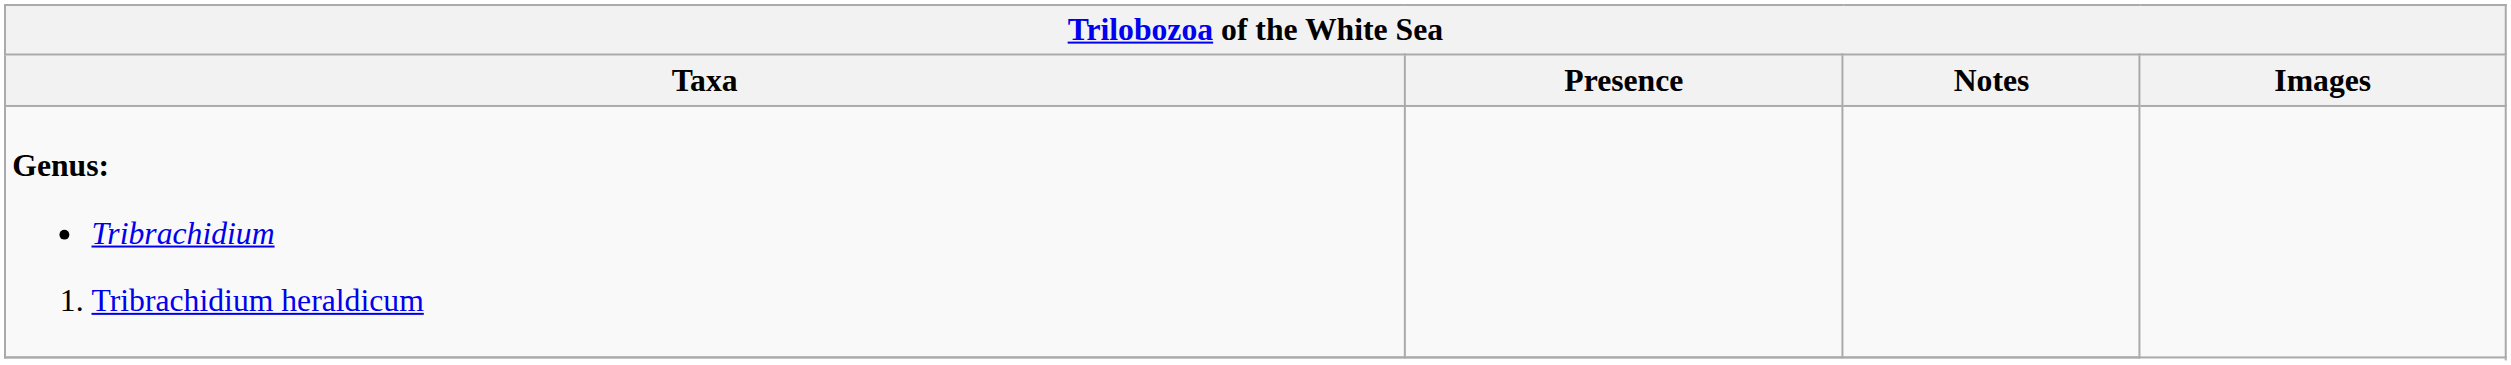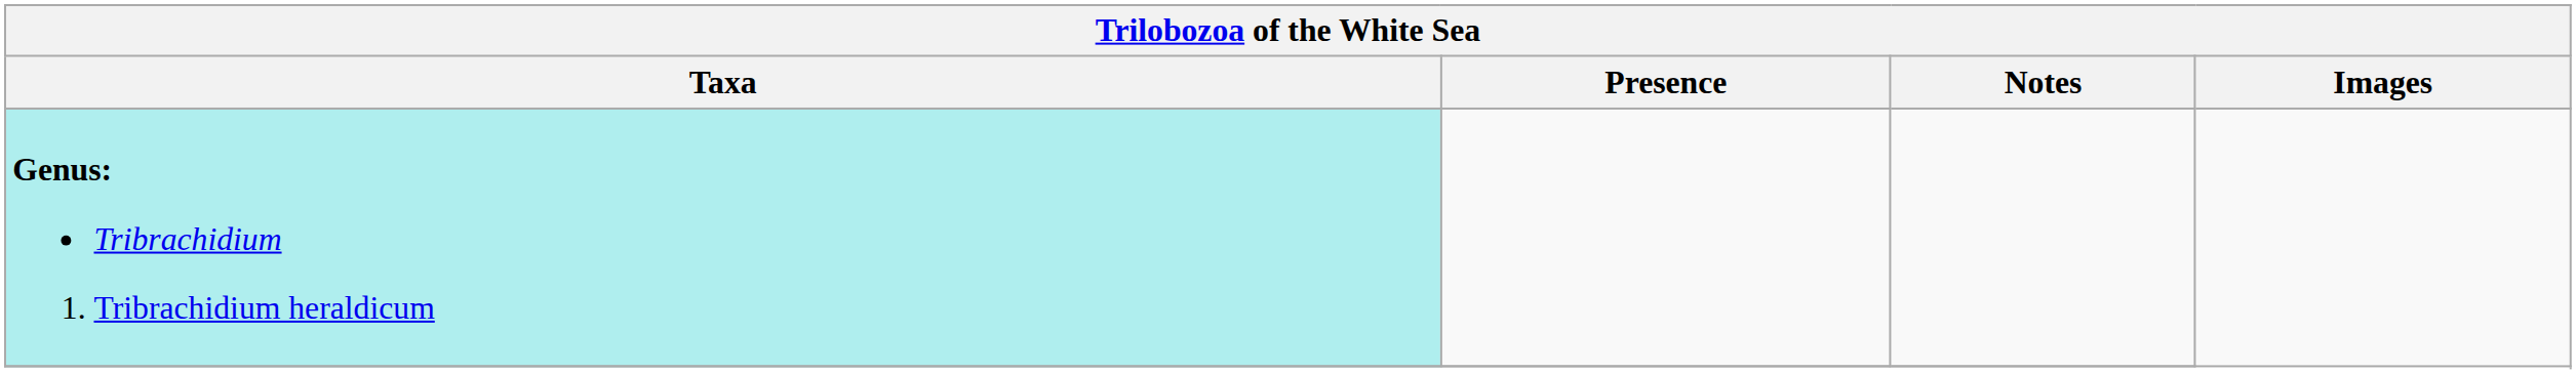 <table class="wikitable" align="center" width="100%">
 <tr>
 <th colspan="5" align="center"><strong><a href='#'>Trilobozoa</a> of the White Sea</strong></th>
 </tr>
 <tr>
 <th>Taxa</th>
 <th>Presence</th>
 <th>Notes</th>
 <th>Images</th>
 </tr>
 <tr>
-<td><br><strong>Genus:</strong><ul><li><em><a href='#'>Tribrachidium</a></em></li></ul><ol><li><a href='#'>Tribrachidium heraldicum</a></li></ol></td>
+<td style="background: paleturquoise;"><br><strong>Genus:</strong><ul><li><em><a href='#'>Tribrachidium</a></em></li></ul><ol><li><a href='#'>Tribrachidium heraldicum</a></li></ol></td>
 <td></td>
 <td></td>
 <td rowspan="99"><br><br></td>
 </tr>
 <tr>
 </tr>
 </table>
